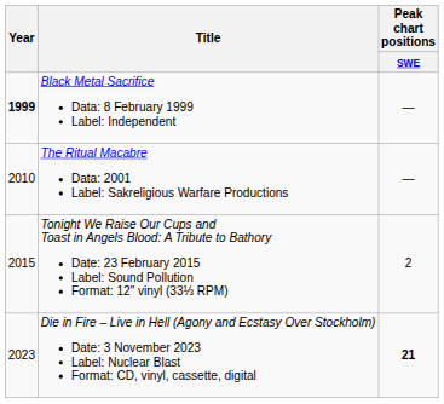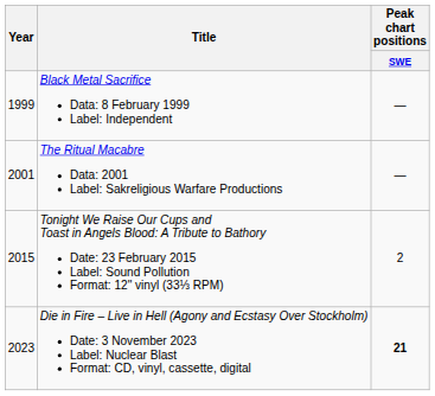 <table class=wikitable style=text-align:center;>
 <tr>
 <th rowspan=2>Year</th>
 <th rowspan=2>Title</th>
 <th colspan=1>Peak chart positions</th>
 </tr>
 <tr style="vertical-align:top;line-height:1.2">
 <th width=25px><small><a href='#'>SWE</a></small><br></th>
 </tr>
 <tr>
-<td><strong>1999</strong></td>
+<td>1999</td>
 <td align=left><em><a href='#'>Black Metal Sacrifice</a></em><br><ul><li>Data: 8 February 1999</li><li>Label: Independent</li></ul></td>
 <td>—</td>
 </tr>
 <tr>
-<td>2010</td>
+<td>2001</td>
 <td align=left><em><a href='#'>The Ritual Macabre</a></em><br><ul><li>Data: 2001</li><li>Label: Sakreligious Warfare Productions</li></ul></td>
 <td>—</td>
 </tr>
 <tr>
 <td>2015</td>
 <td align=left><em>Tonight We Raise Our Cups and <br>Toast in Angels Blood: A Tribute to Bathory</em><br><ul><li>Date: 23 February 2015</li><li>Label: Sound Pollution</li><li>Format: 12" vinyl (33⅓ RPM)</li></ul></td>
 <td>2</td>
 </tr>
 <tr>
 <td>2023</td>
 <td align=left><em>Die in Fire – Live in Hell (Agony and Ecstasy Over Stockholm)</em><br><ul><li>Date: 3 November 2023</li><li>Label: Nuclear Blast</li><li>Format: CD, vinyl, cassette, digital</li></ul></td>
 <td><strong>21<br></strong></td>
 </tr>
 </table>
